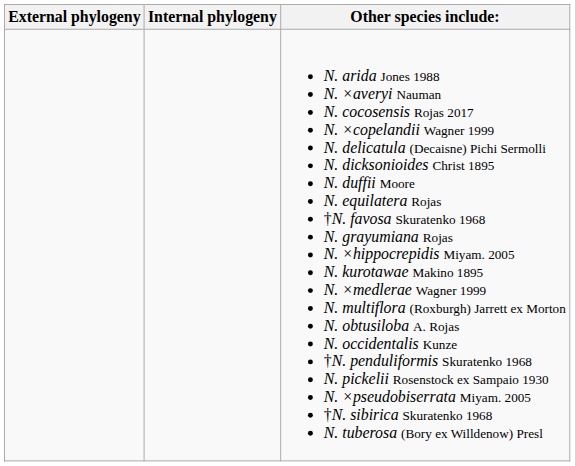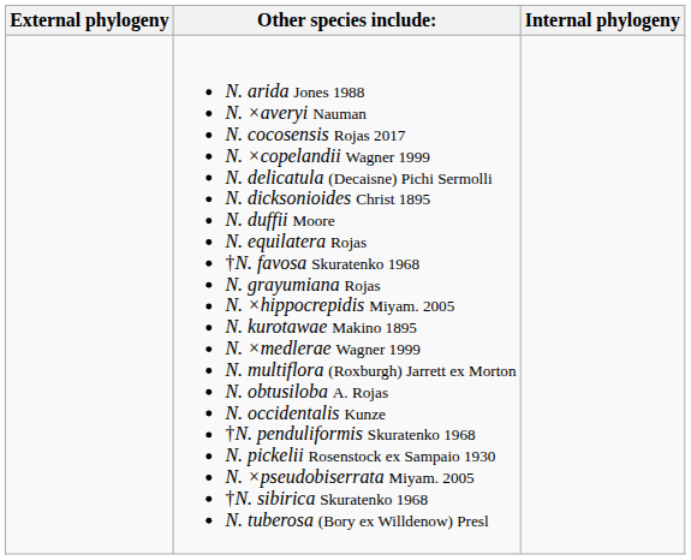 <table class="wikitable">
 <tr>
 <th colspan=1>External phylogeny</th>
+<th colspan=1>Other species include:</th>
 <th colspan=1>Internal phylogeny</th>
-<th colspan=1>Other species include:</th>
 </tr>
 <tr>
 <td style="vertical-align:top"><br></td>
+<td><br><ul><li><em>N. arida</em> <small>Jones 1988</small></li><li><em>N. ×averyi</em> <small>Nauman</small></li><li><em>N. cocosensis</em> <small>Rojas 2017</small></li><li><em>N. ×copelandii</em> <small>Wagner 1999</small></li><li><em>N. delicatula</em> <small>(Decaisne) Pichi Sermolli</small></li><li><em>N. dicksonioides</em> <small>Christ 1895</small></li><li><em>N. duffii</em> <small>Moore</small></li><li><em>N. equilatera</em> <small>Rojas</small></li><li>†<em>N. favosa</em> <small>Skuratenko 1968</small></li><li><em>N. grayumiana</em> <small>Rojas</small></li><li><em>N. ×hippocrepidis</em> <small>Miyam. 2005</small></li><li><em>N. kurotawae</em> <small>Makino 1895</small></li><li><em>N. ×medlerae</em> <small>Wagner 1999</small></li><li><em>N. multiflora</em> <small>(Roxburgh) Jarrett ex Morton</small></li><li><em>N. obtusiloba</em> <small>A. Rojas</small></li><li><em>N. occidentalis</em> <small>Kunze</small></li><li>†<em>N. penduliformis</em> <small>Skuratenko 1968</small></li><li><em>N. pickelii</em> <small>Rosenstock ex Sampaio 1930</small></li><li><em>N. ×pseudobiserrata</em> <small>Miyam. 2005</small></li><li>†<em>N. sibirica</em> <small>Skuratenko 1968</small></li><li><em>N. tuberosa</em> <small>(Bory ex Willdenow) Presl</small></li></ul></td>
 <td><br></td>
-<td><br><ul><li><em>N. arida</em> <small>Jones 1988</small></li><li><em>N. ×averyi</em> <small>Nauman</small></li><li><em>N. cocosensis</em> <small>Rojas 2017</small></li><li><em>N. ×copelandii</em> <small>Wagner 1999</small></li><li><em>N. delicatula</em> <small>(Decaisne) Pichi Sermolli</small></li><li><em>N. dicksonioides</em> <small>Christ 1895</small></li><li><em>N. duffii</em> <small>Moore</small></li><li><em>N. equilatera</em> <small>Rojas</small></li><li>†<em>N. favosa</em> <small>Skuratenko 1968</small></li><li><em>N. grayumiana</em> <small>Rojas</small></li><li><em>N. ×hippocrepidis</em> <small>Miyam. 2005</small></li><li><em>N. kurotawae</em> <small>Makino 1895</small></li><li><em>N. ×medlerae</em> <small>Wagner 1999</small></li><li><em>N. multiflora</em> <small>(Roxburgh) Jarrett ex Morton</small></li><li><em>N. obtusiloba</em> <small>A. Rojas</small></li><li><em>N. occidentalis</em> <small>Kunze</small></li><li>†<em>N. penduliformis</em> <small>Skuratenko 1968</small></li><li><em>N. pickelii</em> <small>Rosenstock ex Sampaio 1930</small></li><li><em>N. ×pseudobiserrata</em> <small>Miyam. 2005</small></li><li>†<em>N. sibirica</em> <small>Skuratenko 1968</small></li><li><em>N. tuberosa</em> <small>(Bory ex Willdenow) Presl</small></li></ul></td>
 </tr>
 </table>
